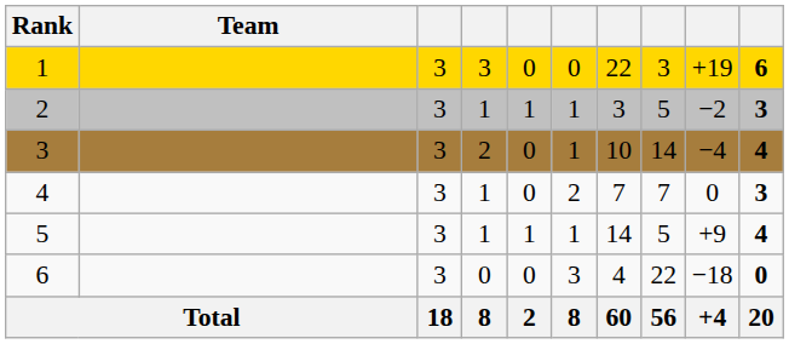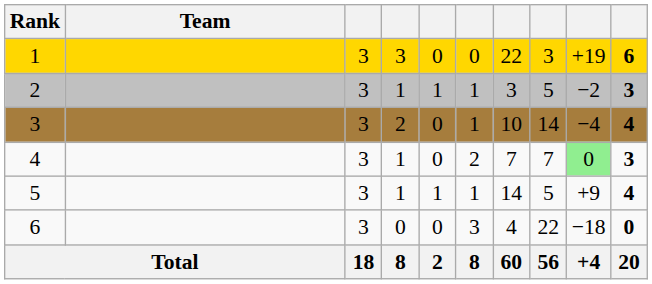 <table class="wikitable" style="text-align:center">
 <tr>
 <th width=20>Rank</th>
 <th width=200>Team</th>
 <th width="20"></th>
 <th width="20"></th>
 <th width="20"></th>
 <th width="20"></th>
 <th width="20"></th>
 <th width="20"></th>
 <th width="20"></th>
 <th width="20"></th>
 </tr>
 <tr style="background:gold;">
 <td>1</td>
 <td style="text-align:left;"></td>
 <td>3</td>
 <td>3</td>
 <td>0</td>
 <td>0</td>
 <td>22</td>
 <td>3</td>
 <td>+19</td>
 <td><strong>6</strong></td>
 </tr>
 <tr style="background:silver;">
 <td>2</td>
 <td style="text-align:left;"></td>
 <td>3</td>
 <td>1</td>
 <td>1</td>
 <td>1</td>
 <td>3</td>
 <td>5</td>
 <td>−2</td>
 <td><strong>3</strong></td>
 </tr>
 <tr style="background:#a67d3d;">
 <td>3</td>
 <td style="text-align:left;"></td>
 <td>3</td>
 <td>2</td>
 <td>0</td>
 <td>1</td>
 <td>10</td>
 <td>14</td>
 <td>−4</td>
 <td><strong>4</strong></td>
 </tr>
 <tr>
 <td>4</td>
 <td style="text-align:left;"></td>
 <td>3</td>
 <td>1</td>
 <td>0</td>
 <td>2</td>
 <td>7</td>
 <td>7</td>
-<td>0</td>
+<td style="background: lightgreen;">0</td>
 <td><strong>3</strong></td>
 </tr>
 <tr>
 <td>5</td>
 <td style="text-align:left;"></td>
 <td>3</td>
 <td>1</td>
 <td>1</td>
 <td>1</td>
 <td>14</td>
 <td>5</td>
 <td>+9</td>
 <td><strong>4</strong></td>
 </tr>
 <tr>
 <td>6</td>
 <td style="text-align:left;"></td>
 <td>3</td>
 <td>0</td>
 <td>0</td>
 <td>3</td>
 <td>4</td>
 <td>22</td>
 <td>−18</td>
 <td><strong>0</strong></td>
 </tr>
 <tr>
 <th colspan=2>Total</th>
 <th>18</th>
 <th>8</th>
 <th>2</th>
 <th>8</th>
 <th>60</th>
 <th>56</th>
 <th>+4</th>
 <th>20</th>
 </tr>
 </table>
